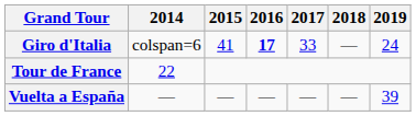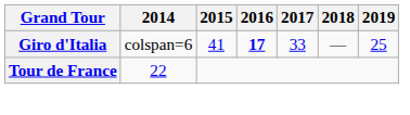 <table class="wikitable plainrowheaders">
 <tr>
 <th scope="col"><a href='#'>Grand Tour</a></th>
 <th scope="col">2014</th>
 <th scope="col">2015</th>
 <th scope="col">2016</th>
 <th scope="col">2017</th>
 <th scope="col">2018</th>
 <th scope="col">2019</th>
 </tr>
 <tr style="text-align:center;">
 <th scope="row"> <a href='#'>Giro d'Italia</a></th>
 <td>colspan=6 </td>
 <td><a href='#'>41</a></td>
 <td><strong><a href='#'>17</a></strong></td>
 <td><a href='#'>33</a></td>
 <td>—</td>
-<td><a href='#'>24</a></td>
+<td><a href='#'>25</a></td>
 </tr>
 <tr style="text-align:center;">
 <th scope="row"> <a href='#'>Tour de France</a></th>
 <td><a href='#'>22</a></td>
 </tr>
-<tr style="text-align:center;">
-<th scope="row"> <a href='#'>Vuelta a España</a></th>
-<td>—</td>
-<td>—</td>
-<td>—</td>
-<td>—</td>
-<td>—</td>
-<td><a href='#'>39</a></td>
-</tr>
 </table>
